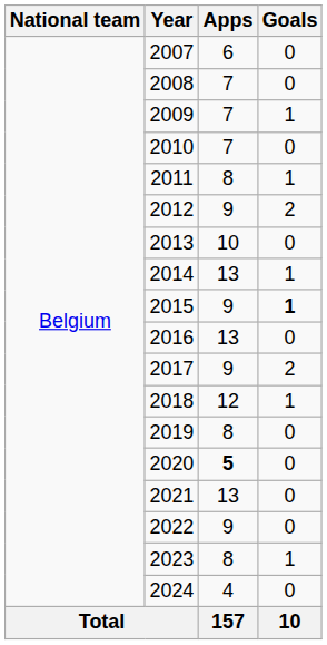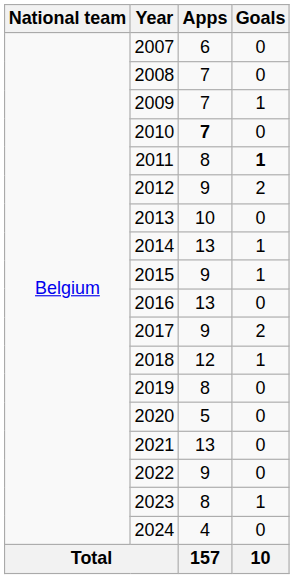 <table class="wikitable" style="text-align:center">
 <tr>
 <th>National team</th>
 <th>Year</th>
 <th>Apps</th>
 <th>Goals</th>
 </tr>
 <tr>
 <td rowspan=18><a href='#'>Belgium</a></td>
 <td>2007</td>
 <td>6</td>
 <td>0</td>
 </tr>
 <tr>
 <td>2008</td>
 <td>7</td>
 <td>0</td>
 </tr>
 <tr>
 <td>2009</td>
 <td>7</td>
 <td>1</td>
 </tr>
 <tr>
 <td>2010</td>
-<td>7</td>
+<td><strong>7</strong></td>
 <td>0</td>
 </tr>
 <tr>
 <td>2011</td>
 <td>8</td>
-<td>1</td>
+<td><strong>1</strong></td>
 </tr>
 <tr>
 <td>2012</td>
 <td>9</td>
 <td>2</td>
 </tr>
 <tr>
 <td>2013</td>
 <td>10</td>
 <td>0</td>
 </tr>
 <tr>
 <td>2014</td>
 <td>13</td>
 <td>1</td>
 </tr>
 <tr>
 <td>2015</td>
 <td>9</td>
-<td><strong>1</strong></td>
+<td>1</td>
 </tr>
 <tr>
 <td>2016</td>
 <td>13</td>
 <td>0</td>
 </tr>
 <tr>
 <td>2017</td>
 <td>9</td>
 <td>2</td>
 </tr>
 <tr>
 <td>2018</td>
 <td>12</td>
 <td>1</td>
 </tr>
 <tr>
 <td>2019</td>
 <td>8</td>
 <td>0</td>
 </tr>
 <tr>
 <td>2020</td>
-<td><strong>5</strong></td>
+<td>5</td>
 <td>0</td>
 </tr>
 <tr>
 <td>2021</td>
 <td>13</td>
 <td>0</td>
 </tr>
 <tr>
 <td>2022</td>
 <td>9</td>
 <td>0</td>
 </tr>
 <tr>
 <td>2023</td>
 <td>8</td>
 <td>1</td>
 </tr>
 <tr>
 <td>2024</td>
 <td>4</td>
 <td>0</td>
 </tr>
 <tr>
 <th colspan=2>Total</th>
 <th>157</th>
 <th>10</th>
 </tr>
 </table>
